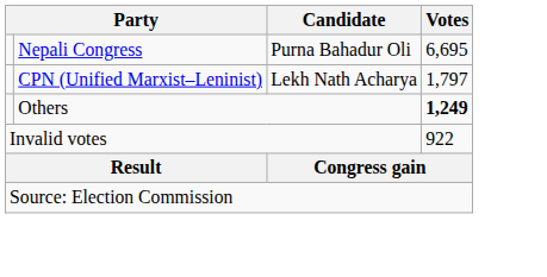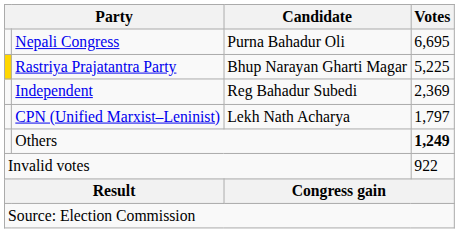 <table class="wikitable">
 <tr>
 <th colspan="2">Party</th>
 <th>Candidate</th>
 <th>Votes</th>
 </tr>
 <tr>
 <td style="background-color:"></td>
 <td><a href='#'>Nepali Congress</a></td>
 <td>Purna Bahadur Oli</td>
 <td>6,695</td>
+</tr>
+<tr>
+<td style="background-color:gold"></td>
+<td><a href='#'>Rastriya Prajatantra Party</a></td>
+<td>Bhup Narayan Gharti Magar</td>
+<td>5,225</td>
+</tr>
+<tr>
+<td style="background-color:"></td>
+<td><a href='#'>Independent</a></td>
+<td>Reg Bahadur Subedi</td>
+<td>2,369</td>
 </tr>
 <tr>
 <td style="background-color:"></td>
 <td><a href='#'>CPN (Unified Marxist–Leninist)</a></td>
 <td>Lekh Nath Acharya</td>
 <td>1,797</td>
 </tr>
 <tr>
 <td></td>
 <td colspan="2">Others</td>
 <td><strong>1,249</strong></td>
 </tr>
 <tr>
 <td colspan="3">Invalid votes</td>
 <td>922</td>
 </tr>
 <tr>
 <th colspan="2">Result</th>
 <th colspan="2">Congress gain</th>
 </tr>
 <tr>
 <td colspan="4">Source: Election Commission</td>
 </tr>
 </table>
